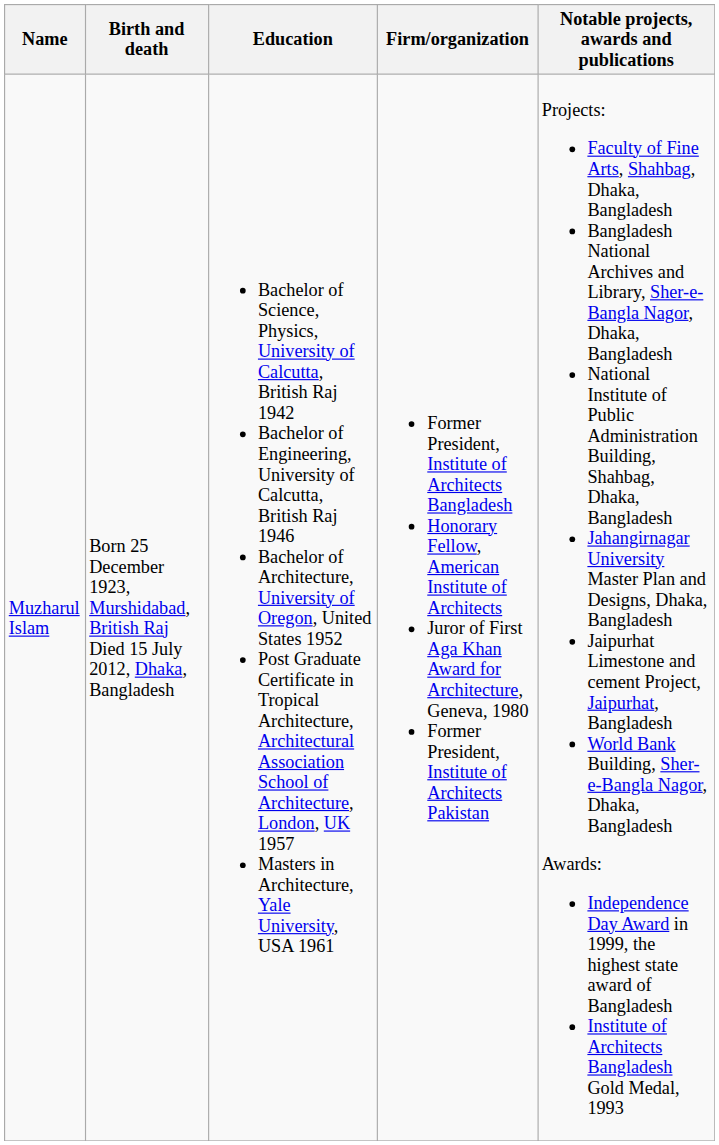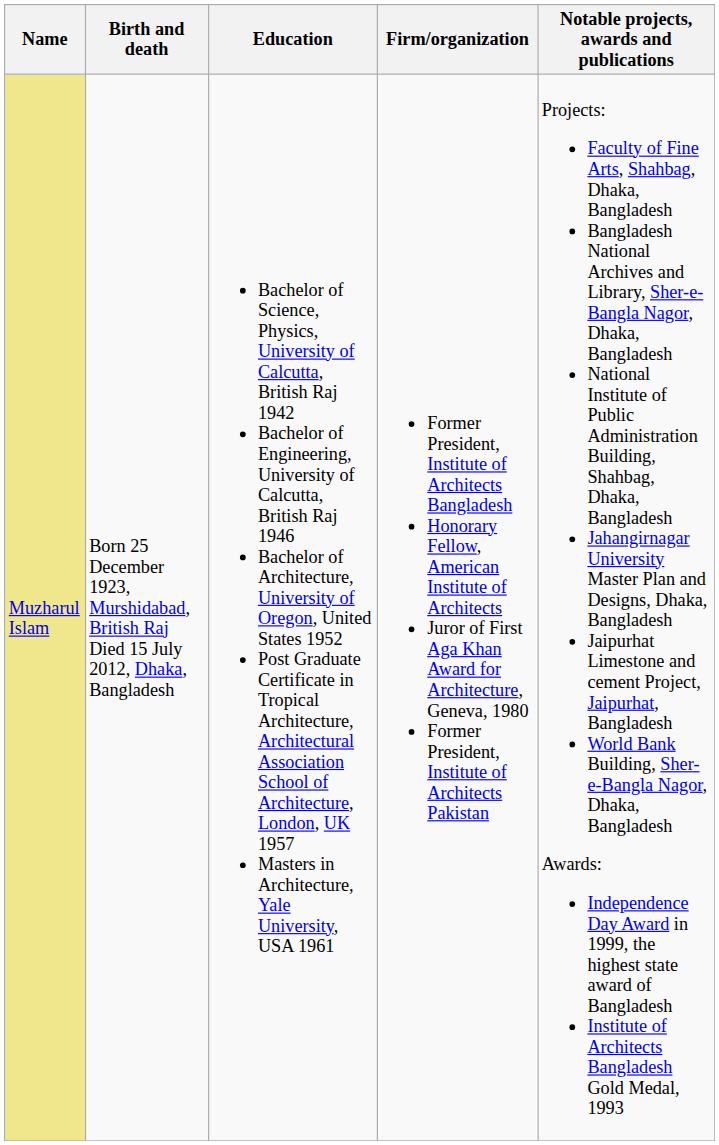 <table class="wikitable" width=100%>
 <tr bgcolor=#efefef>
 <th>Name</th>
 <th>Birth and death</th>
 <th>Education</th>
 <th>Firm/organization</th>
 <th>Notable projects, awards and publications</th>
 </tr>
 <tr>
-<td><br><a href='#'>Muzharul Islam</a></td>
+<td style="background: khaki;"><br><a href='#'>Muzharul Islam</a></td>
 <td><br>Born 25 December 1923, <a href='#'>Murshidabad</a>, <a href='#'>British Raj</a> Died 15 July 2012, <a href='#'>Dhaka</a>, Bangladesh</td>
 <td><br><ul><li>Bachelor of Science, Physics, <a href='#'>University of Calcutta</a>, British Raj 1942</li><li>Bachelor of Engineering, University of Calcutta, British Raj 1946</li><li>Bachelor of Architecture, <a href='#'>University of Oregon</a>, United States 1952</li><li>Post Graduate Certificate in Tropical Architecture, <a href='#'>Architectural Association School of Architecture</a>, <a href='#'>London</a>, <a href='#'>UK</a> 1957</li><li>Masters in Architecture, <a href='#'>Yale University</a>, USA 1961</li></ul></td>
 <td><br><ul><li>Former President, <a href='#'>Institute of Architects Bangladesh</a></li><li><a href='#'>Honorary Fellow</a>, <a href='#'>American Institute of Architects</a></li><li>Juror of First <a href='#'>Aga Khan Award for Architecture</a>, Geneva, 1980</li><li>Former President, <a href='#'>Institute of Architects Pakistan</a></li></ul></td>
 <td><br>Projects:<ul><li><a href='#'>Faculty of Fine Arts</a>, <a href='#'>Shahbag</a>, Dhaka, Bangladesh</li><li>Bangladesh National Archives and Library, <a href='#'>Sher-e-Bangla Nagor</a>, Dhaka, Bangladesh</li><li>National Institute of Public Administration Building, Shahbag, Dhaka, Bangladesh</li><li><a href='#'>Jahangirnagar University</a> Master Plan and Designs, Dhaka, Bangladesh</li><li>Jaipurhat Limestone and cement Project, <a href='#'>Jaipurhat</a>, Bangladesh</li><li><a href='#'>World Bank</a> Building, <a href='#'>Sher-e-Bangla Nagor</a>, Dhaka, Bangladesh</li></ul>Awards:<ul><li><a href='#'>Independence Day Award</a> in 1999, the highest state award of Bangladesh</li><li><a href='#'>Institute of Architects Bangladesh</a> Gold Medal, 1993</li></ul></td>
 </tr>
 <tr>
 </tr>
 </table>
